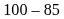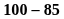 <table style="text-align:center">
 <tr>
 <th width=200></th>
 <th width=100></th>
 <th width=200></th>
 <th></th>
 </tr>
 <tr>
 <td align=right><strong></strong></td>
-<td>100 – 85</td>
+<td><strong>100 – 85</strong></td>
 <td align=left></td>
 </tr>
 </table>
